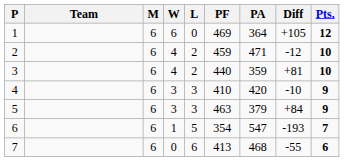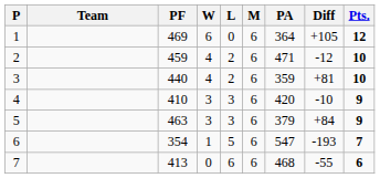 <table class=wikitable>
 <tr align=center>
 <th width=20px>P</th>
 <th width=150px>Team</th>
-<th width=20px>M</th>
+<th width=40px>PF</th>
 <th width=20px>W</th>
 <th width=20px>L</th>
-<th width=40px>PF</th>
+<th width=20px>M</th>
 <th width=40px>PA</th>
 <th width=40px>Diff</th>
 <th width=30px><a href='#'>Pts.</a></th>
 </tr>
 <tr align=center>
 <td>1</td>
 <td align=left></td>
-<td>6</td>
+<td>469</td>
 <td>6</td>
 <td>0</td>
-<td>469</td>
+<td>6</td>
 <td>364</td>
 <td>+105</td>
 <td><strong>12</strong></td>
 </tr>
 <tr align=center>
 <td>2</td>
 <td align=left></td>
-<td>6</td>
+<td>459</td>
 <td>4</td>
 <td>2</td>
-<td>459</td>
+<td>6</td>
 <td>471</td>
 <td>-12</td>
 <td><strong>10</strong></td>
 </tr>
 <tr align=center>
 <td>3</td>
 <td align=left></td>
-<td>6</td>
+<td>440</td>
 <td>4</td>
 <td>2</td>
-<td>440</td>
+<td>6</td>
 <td>359</td>
 <td>+81</td>
 <td><strong>10</strong></td>
 </tr>
 <tr align=center>
 <td>4</td>
 <td align=left></td>
-<td>6</td>
+<td>410</td>
 <td>3</td>
 <td>3</td>
-<td>410</td>
+<td>6</td>
 <td>420</td>
 <td>-10</td>
 <td><strong>9</strong></td>
 </tr>
 <tr align=center>
 <td>5</td>
 <td align=left></td>
-<td>6</td>
+<td>463</td>
 <td>3</td>
 <td>3</td>
-<td>463</td>
+<td>6</td>
 <td>379</td>
 <td>+84</td>
 <td><strong>9</strong></td>
 </tr>
 <tr align=center>
 <td>6</td>
 <td align=left></td>
-<td>6</td>
+<td>354</td>
 <td>1</td>
 <td>5</td>
-<td>354</td>
+<td>6</td>
 <td>547</td>
 <td>-193</td>
 <td><strong>7</strong></td>
 </tr>
 <tr align=center>
 <td>7</td>
 <td align=left></td>
-<td>6</td>
+<td>413</td>
 <td>0</td>
 <td>6</td>
-<td>413</td>
+<td>6</td>
 <td>468</td>
 <td>-55</td>
 <td><strong>6</strong></td>
 </tr>
 </table>
